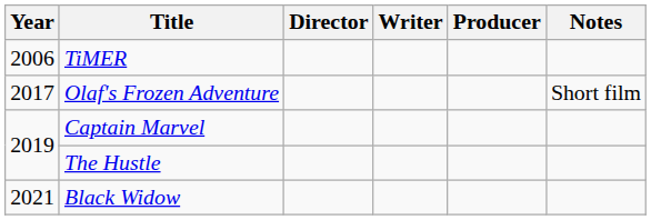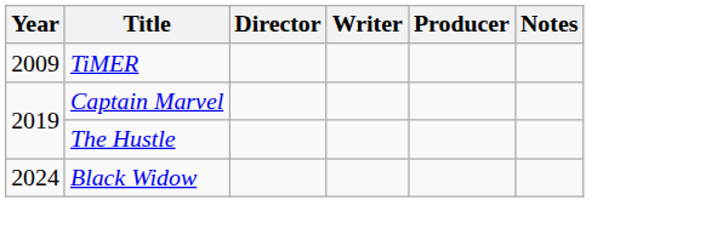 <table class="wikitable">
 <tr>
 <th>Year</th>
 <th>Title</th>
 <th>Director</th>
 <th>Writer</th>
 <th>Producer</th>
 <th>Notes</th>
 </tr>
 <tr>
-<td>2006</td>
+<td>2009</td>
 <td><em><a href='#'>TiMER</a></em></td>
 <td></td>
 <td></td>
 <td></td>
 <td></td>
-</tr>
-<tr>
-<td>2017</td>
-<td><em><a href='#'>Olaf's Frozen Adventure</a></em></td>
-<td></td>
-<td></td>
-<td></td>
-<td>Short film</td>
 </tr>
 <tr>
 <td rowspan="2">2019</td>
 <td><em><a href='#'>Captain Marvel</a></em></td>
 <td></td>
 <td></td>
 <td></td>
 <td></td>
 </tr>
 <tr>
 <td><em><a href='#'>The Hustle</a></em></td>
 <td></td>
 <td></td>
 <td></td>
 <td></td>
 </tr>
 <tr>
-<td>2021</td>
+<td>2024</td>
 <td><em><a href='#'>Black Widow</a></em></td>
 <td></td>
 <td></td>
 <td></td>
 <td></td>
 </tr>
 </table>
